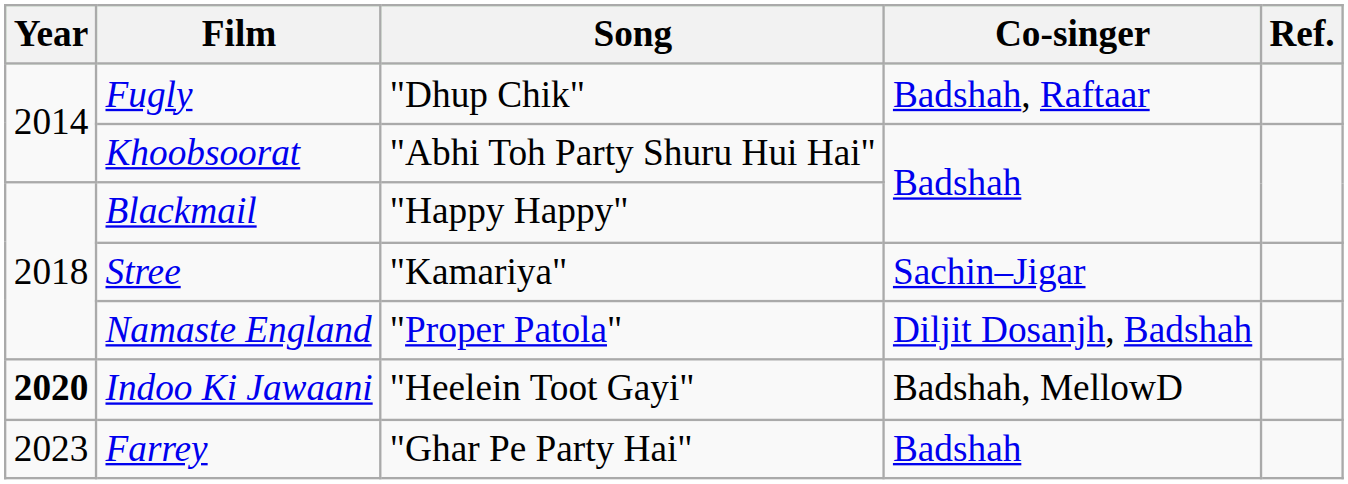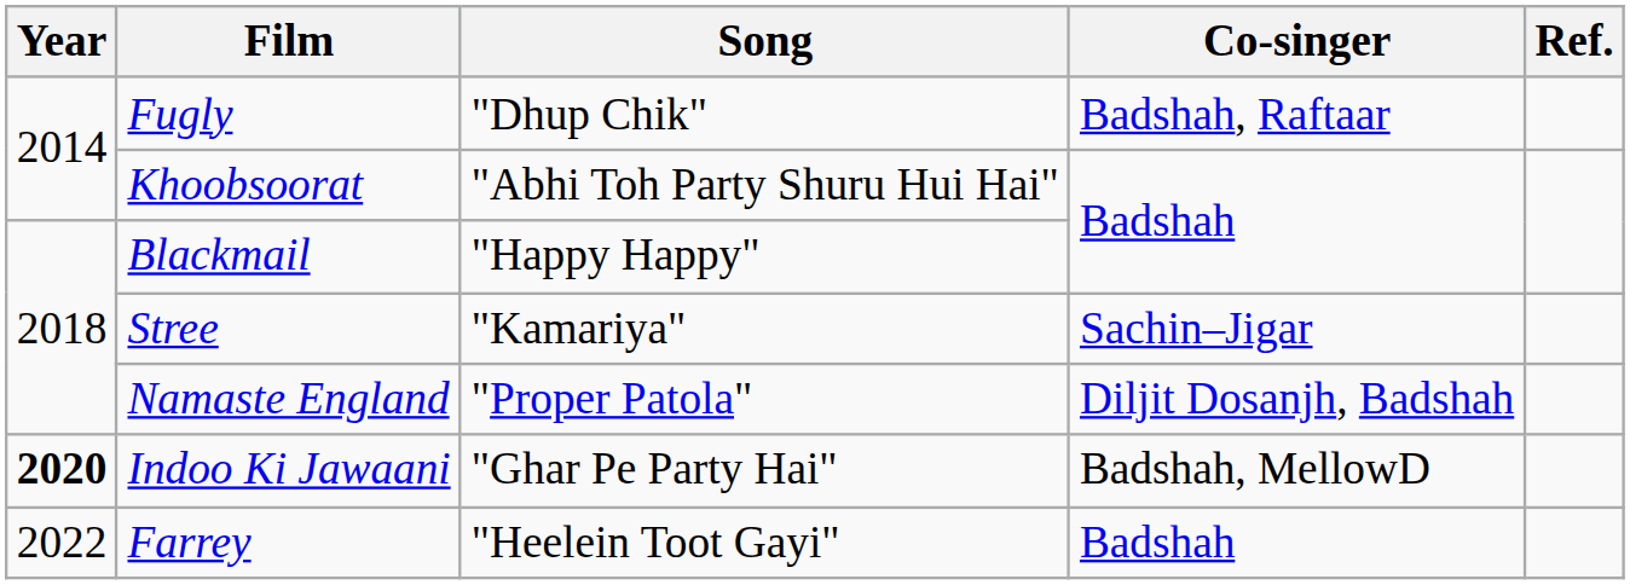 <table class="wikitable">
 <tr style="background:#cfc;">
 <th>Year</th>
 <th>Film</th>
 <th>Song</th>
 <th>Co-singer</th>
 <th>Ref.</th>
 </tr>
 <tr>
 <td rowspan="2">2014</td>
 <td><em><a href='#'>Fugly</a></em></td>
 <td>"Dhup Chik"</td>
 <td><a href='#'>Badshah</a>, <a href='#'>Raftaar</a></td>
 <td></td>
 </tr>
 <tr>
 <td><em><a href='#'>Khoobsoorat</a></em></td>
 <td>"Abhi Toh Party Shuru Hui Hai"</td>
 <td rowspan="2"><a href='#'>Badshah</a></td>
 <td rowspan="2"></td>
 </tr>
 <tr>
 <td rowspan="3">2018</td>
 <td><em><a href='#'>Blackmail</a></em></td>
 <td>"Happy Happy"</td>
 </tr>
 <tr>
 <td><em><a href='#'>Stree</a></em></td>
 <td>"Kamariya"</td>
 <td><a href='#'>Sachin–Jigar</a></td>
 <td></td>
 </tr>
 <tr>
 <td><em><a href='#'>Namaste England</a></em></td>
 <td>"<a href='#'>Proper Patola</a>"</td>
 <td><a href='#'>Diljit Dosanjh</a>, <a href='#'>Badshah</a></td>
 <td></td>
 </tr>
 <tr>
 <td><strong>2020</strong></td>
 <td><em><a href='#'>Indoo Ki Jawaani</a></em></td>
-<td>"Heelein Toot Gayi"</td>
+<td>"Ghar Pe Party Hai"</td>
 <td>Badshah, MellowD</td>
 <td></td>
 </tr>
 <tr>
-<td>2023</td>
+<td>2022</td>
 <td><em><a href='#'>Farrey</a></em></td>
-<td>"Ghar Pe Party Hai"</td>
+<td>"Heelein Toot Gayi"</td>
 <td><a href='#'>Badshah</a></td>
 <td></td>
 </tr>
 </table>
